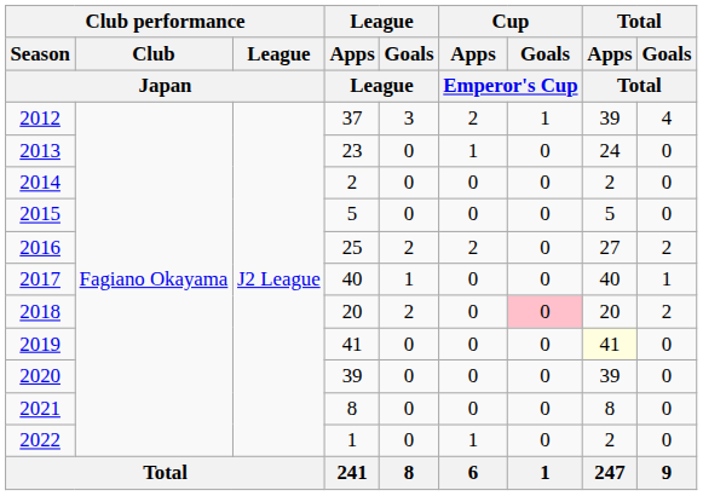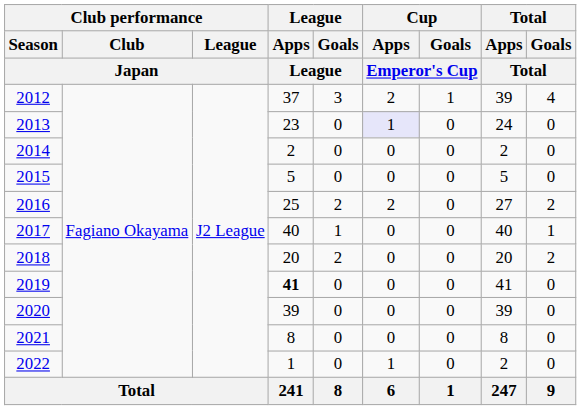 <table class="wikitable" style="text-align:center;">
 <tr>
 <th colspan=3>Club performance</th>
 <th colspan=2>League</th>
 <th colspan=2>Cup</th>
 <th colspan=2>Total</th>
 </tr>
 <tr>
 <th>Season</th>
 <th>Club</th>
 <th>League</th>
 <th>Apps</th>
 <th>Goals</th>
 <th>Apps</th>
 <th>Goals</th>
 <th>Apps</th>
 <th>Goals</th>
 </tr>
 <tr>
 <th colspan=3>Japan</th>
 <th colspan=2>League</th>
 <th colspan=2><a href='#'>Emperor's Cup</a></th>
 <th colspan=2>Total</th>
 </tr>
 <tr>
 <td><a href='#'>2012</a></td>
 <td rowspan="11"><a href='#'>Fagiano Okayama</a></td>
 <td rowspan="11"><a href='#'>J2 League</a></td>
 <td>37</td>
 <td>3</td>
 <td>2</td>
 <td>1</td>
 <td>39</td>
 <td>4</td>
 </tr>
 <tr>
 <td><a href='#'>2013</a></td>
 <td>23</td>
 <td>0</td>
-<td>1</td>
+<td style="background: lavender;">1</td>
 <td>0</td>
 <td>24</td>
 <td>0</td>
 </tr>
 <tr>
 <td><a href='#'>2014</a></td>
 <td>2</td>
 <td>0</td>
 <td>0</td>
 <td>0</td>
 <td>2</td>
 <td>0</td>
 </tr>
 <tr>
 <td><a href='#'>2015</a></td>
 <td>5</td>
 <td>0</td>
 <td>0</td>
 <td>0</td>
 <td>5</td>
 <td>0</td>
 </tr>
 <tr>
 <td><a href='#'>2016</a></td>
 <td>25</td>
 <td>2</td>
 <td>2</td>
 <td>0</td>
 <td>27</td>
 <td>2</td>
 </tr>
 <tr>
 <td><a href='#'>2017</a></td>
 <td>40</td>
 <td>1</td>
 <td>0</td>
 <td>0</td>
 <td>40</td>
 <td>1</td>
 </tr>
 <tr>
 <td><a href='#'>2018</a></td>
 <td>20</td>
 <td>2</td>
 <td>0</td>
-<td style="background: pink;">0</td>
+<td>0</td>
 <td>20</td>
 <td>2</td>
 </tr>
 <tr>
 <td><a href='#'>2019</a></td>
-<td>41</td>
+<td><strong>41</strong></td>
 <td>0</td>
 <td>0</td>
 <td>0</td>
-<td style="background: lightyellow;">41</td>
+<td>41</td>
 <td>0</td>
 </tr>
 <tr>
 <td><a href='#'>2020</a></td>
 <td>39</td>
 <td>0</td>
 <td>0</td>
 <td>0</td>
 <td>39</td>
 <td>0</td>
 </tr>
 <tr>
 <td><a href='#'>2021</a></td>
 <td>8</td>
 <td>0</td>
 <td>0</td>
 <td>0</td>
 <td>8</td>
 <td>0</td>
 </tr>
 <tr>
 <td><a href='#'>2022</a></td>
 <td>1</td>
 <td>0</td>
 <td>1</td>
 <td>0</td>
 <td>2</td>
 <td>0</td>
 </tr>
 <tr>
 <th colspan="3">Total</th>
 <th>241</th>
 <th>8</th>
 <th>6</th>
 <th>1</th>
 <th>247</th>
 <th>9</th>
 </tr>
 </table>
